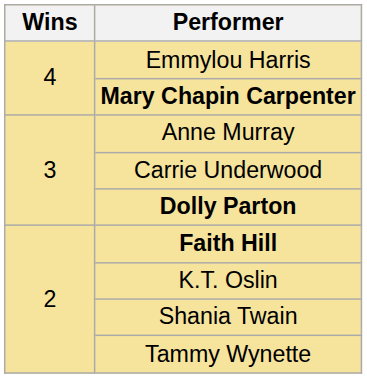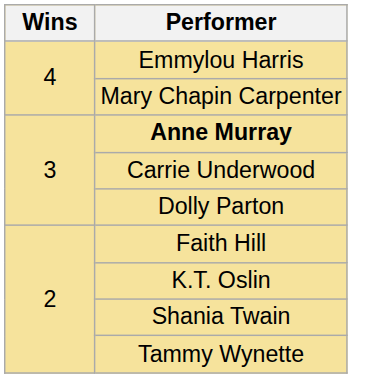 <table class="wikitable" rowspan=2 border="1" cellpadding="4" style="text-align: center; background: #f6e39c">
 <tr>
 <th scope="col" width="55">Wins</th>
 <th scope="col" style="text-align:center">Performer</th>
 </tr>
 <tr>
 <td scope="row"  rowspan=2 style="text-align:center">4</td>
 <td>Emmylou Harris</td>
 </tr>
 <tr>
-<td><strong>Mary Chapin Carpenter</strong></td>
+<td>Mary Chapin Carpenter</td>
 </tr>
 <tr>
 <td scope="row"  rowspan=3 style="text-align:center">3</td>
-<td>Anne Murray</td>
+<td><strong>Anne Murray</strong></td>
 </tr>
 <tr>
 <td>Carrie Underwood</td>
 </tr>
 <tr>
-<td><strong>Dolly Parton</strong></td>
+<td>Dolly Parton</td>
 </tr>
 <tr>
 <td scope="row" rowspan=4 style="text-align:center">2</td>
-<td><strong>Faith Hill</strong></td>
+<td>Faith Hill</td>
 </tr>
 <tr>
 <td>K.T. Oslin</td>
 </tr>
 <tr>
 <td>Shania Twain</td>
 </tr>
 <tr>
 <td>Tammy Wynette</td>
 </tr>
 </table>
